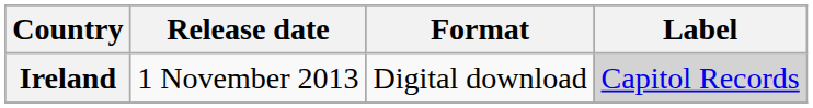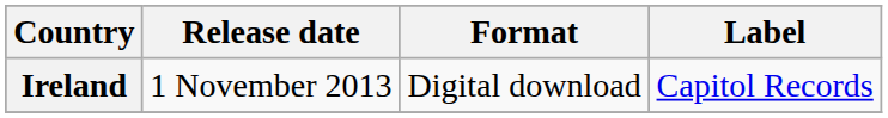 <table class="wikitable plainrowheaders">
 <tr>
 <th scope="col">Country</th>
 <th scope="col">Release date</th>
 <th scope="col">Format</th>
 <th scope="col">Label</th>
 </tr>
 <tr>
 <th scope="row">Ireland</th>
 <td>1 November 2013</td>
 <td>Digital download</td>
-<td style="background: lightgrey;"><a href='#'>Capitol Records</a></td>
+<td><a href='#'>Capitol Records</a></td>
 </tr>
 <tr>
 </tr>
 </table>
